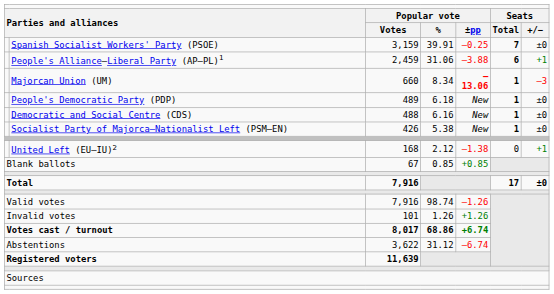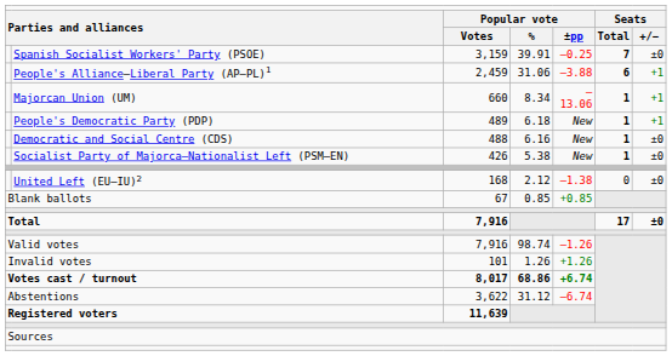 <table class="wikitable" style="text-align:right;">
 <tr>
 <td colspan="7"></td>
 </tr>
 <tr>
 <th style="text-align:left;" rowspan="2" colspan="2" width="525">Parties and alliances</th>
 <th colspan="3">Popular vote</th>
 <th colspan="2">Seats</th>
 </tr>
 <tr>
 <th width="75">Votes</th>
 <th width="45">%</th>
 <th width="45">±<a href='#'>pp</a></th>
 <th width="35">Total</th>
 <th width="35">+/−</th>
 </tr>
 <tr>
 <td width="1" style="color:inherit;background:"></td>
 <td align="left"><a href='#'>Spanish Socialist Workers' Party</a> (PSOE)</td>
 <td>3,159</td>
 <td>39.91</td>
 <td style="color:red;">–0.25</td>
 <td><strong>7</strong></td>
 <td>±0</td>
 </tr>
 <tr>
 <td style="color:inherit;background:"></td>
 <td align="left"><a href='#'>People's Alliance</a>–<a href='#'>Liberal Party</a> (AP–PL)<sup>1</sup></td>
 <td>2,459</td>
 <td>31.06</td>
 <td style="color:red;">–3.88</td>
 <td><strong>6</strong></td>
 <td style="color:green;">+1</td>
 </tr>
 <tr>
 <td style="color:inherit;background:"></td>
 <td align="left"><a href='#'>Majorcan Union</a> (UM)</td>
 <td>660</td>
 <td>8.34</td>
-<td style="color:red;"><strong>–13.06</strong></td>
+<td style="color:red;">–13.06</td>
 <td><strong>1</strong></td>
-<td style="color:red;">–3</td>
+<td style="color:green;">+1</td>
 </tr>
 <tr>
 <td style="color:inherit;background:"></td>
 <td align="left"><a href='#'>People's Democratic Party</a> (PDP)</td>
 <td>489</td>
 <td>6.18</td>
 <td><em>New</em></td>
 <td><strong>1</strong></td>
-<td>±0</td>
+<td style="color:green;">+1</td>
 </tr>
 <tr>
 <td style="color:inherit;background:"></td>
 <td align="left"><a href='#'>Democratic and Social Centre</a> (CDS)</td>
 <td>488</td>
 <td>6.16</td>
 <td><em>New</em></td>
 <td><strong>1</strong></td>
 <td>±0</td>
 </tr>
 <tr>
 <td style="color:inherit;background:"></td>
 <td align="left"><a href='#'>Socialist Party of Majorca–Nationalist Left</a> (PSM–EN)</td>
 <td>426</td>
 <td>5.38</td>
 <td><em>New</em></td>
 <td><strong>1</strong></td>
 <td>±0</td>
 </tr>
 <tr>
 <td colspan="7" bgcolor="#C0C0C0"></td>
 </tr>
 <tr>
 <td style="color:inherit;background:"></td>
 <td align="left"><a href='#'>United Left</a> (EU–IU)<sup>2</sup></td>
 <td>168</td>
 <td>2.12</td>
 <td style="color:red;">–1.38</td>
 <td>0</td>
-<td style="color:green;">+1</td>
+<td>±0</td>
 </tr>
 <tr>
 <td align="left" colspan="2">Blank ballots</td>
 <td>67</td>
 <td>0.85</td>
 <td style="color:green;">+0.85</td>
 <td bgcolor="#E9E9E9" colspan="2"></td>
 </tr>
 <tr>
 <td colspan="7" bgcolor="#E9E9E9"></td>
 </tr>
 <tr style="font-weight:bold;">
 <td align="left" colspan="2">Total</td>
 <td>7,916</td>
 <td bgcolor="#E9E9E9" colspan="2"></td>
 <td>17</td>
 <td>±0</td>
 </tr>
 <tr>
 <td colspan="7" bgcolor="#E9E9E9"></td>
 </tr>
 <tr>
 <td align="left" colspan="2">Valid votes</td>
 <td>7,916</td>
 <td>98.74</td>
 <td style="color:red;">–1.26</td>
 <td bgcolor="#E9E9E9" colspan="2" rowspan="5"></td>
 </tr>
 <tr>
 <td align="left" colspan="2">Invalid votes</td>
 <td>101</td>
 <td>1.26</td>
 <td style="color:green;">+1.26</td>
 </tr>
 <tr style="font-weight:bold;">
 <td align="left" colspan="2">Votes cast / turnout</td>
 <td>8,017</td>
 <td>68.86</td>
 <td style="color:green;">+6.74</td>
 </tr>
 <tr>
 <td align="left" colspan="2">Abstentions</td>
 <td>3,622</td>
 <td>31.12</td>
 <td style="color:red;">–6.74</td>
 </tr>
 <tr style="font-weight:bold;">
 <td align="left" colspan="2">Registered voters</td>
 <td>11,639</td>
 <td bgcolor="#E9E9E9" colspan="2"></td>
 </tr>
 <tr>
 <td colspan="7" bgcolor="#E9E9E9"></td>
 </tr>
 <tr>
 <td align="left" colspan="7">Sources</td>
 </tr>
 <tr>
 <td colspan="7" style="text-align:left; max-width:790px;"></td>
 </tr>
 </table>
